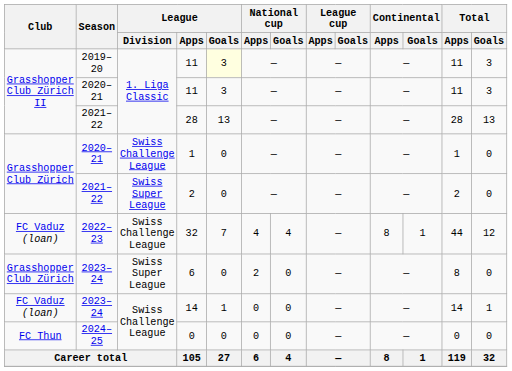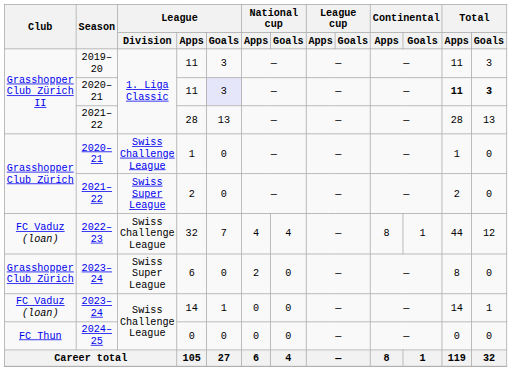 <table class="wikitable" style="text-align:center">
 <tr>
 <th rowspan="2">Club</th>
 <th rowspan="2">Season</th>
 <th colspan="3">League</th>
 <th colspan="2">National cup</th>
 <th colspan="2">League cup</th>
 <th colspan="2">Continental</th>
 <th colspan="2">Total</th>
 </tr>
 <tr>
 <th>Division</th>
 <th>Apps</th>
 <th>Goals</th>
 <th>Apps</th>
 <th>Goals</th>
 <th>Apps</th>
 <th>Goals</th>
 <th>Apps</th>
 <th>Goals</th>
 <th>Apps</th>
 <th>Goals</th>
 </tr>
 <tr>
 <td rowspan=3><a href='#'>Grasshopper Club Zürich II</a></td>
 <td>2019–20</td>
 <td rowspan=3><a href='#'>1. Liga Classic</a></td>
 <td>11</td>
-<td style="background: lightyellow;">3</td>
+<td>3</td>
 <td colspan="2">—</td>
 <td colspan="2">—</td>
 <td colspan="2">—</td>
 <td>11</td>
 <td>3</td>
 </tr>
 <tr>
 <td>2020–21</td>
 <td>11</td>
-<td>3</td>
+<td style="background: lavender;">3</td>
 <td colspan="2">—</td>
 <td colspan="2">—</td>
 <td colspan="2">—</td>
-<td>11</td>
-<td>3</td>
+<td><strong>11</strong></td>
+<td><strong>3</strong></td>
 </tr>
 <tr>
 <td>2021–22</td>
 <td>28</td>
 <td>13</td>
 <td colspan="2">—</td>
 <td colspan="2">—</td>
 <td colspan="2">—</td>
 <td>28</td>
 <td>13</td>
 </tr>
 <tr>
 <td rowspan=2><a href='#'>Grasshopper Club Zürich</a></td>
 <td><a href='#'>2020–21</a></td>
 <td><a href='#'>Swiss Challenge League</a></td>
 <td>1</td>
 <td>0</td>
 <td colspan="2">—</td>
 <td colspan="2">—</td>
 <td colspan="2">—</td>
 <td>1</td>
 <td>0</td>
 </tr>
 <tr>
 <td><a href='#'>2021–22</a></td>
 <td><a href='#'>Swiss Super League</a></td>
 <td>2</td>
 <td>0</td>
 <td colspan="2">—</td>
 <td colspan="2">—</td>
 <td colspan="2">—</td>
 <td>2</td>
 <td>0</td>
 </tr>
 <tr>
 <td><a href='#'>FC Vaduz</a> <em>(loan)</em></td>
 <td><a href='#'>2022–23</a></td>
 <td>Swiss Challenge League</td>
 <td>32</td>
 <td>7</td>
 <td>4</td>
 <td>4</td>
 <td colspan="2">—</td>
 <td>8</td>
 <td>1</td>
 <td>44</td>
 <td>12</td>
 </tr>
 <tr>
 <td rowspan=1><a href='#'>Grasshopper Club Zürich</a></td>
 <td><a href='#'>2023–24</a></td>
 <td>Swiss Super League</td>
 <td>6</td>
 <td>0</td>
 <td>2</td>
 <td>0</td>
 <td colspan="2">—</td>
 <td colspan="2">—</td>
 <td>8</td>
 <td>0</td>
 </tr>
 <tr>
 <td><a href='#'>FC Vaduz</a> <em>(loan)</em></td>
 <td><a href='#'>2023–24</a></td>
 <td rowspan=2>Swiss Challenge League</td>
 <td>14</td>
 <td>1</td>
 <td>0</td>
 <td>0</td>
 <td colspan="2">—</td>
 <td colspan="2">—</td>
 <td>14</td>
 <td>1</td>
 </tr>
 <tr>
 <td><a href='#'>FC Thun</a></td>
 <td><a href='#'>2024–25</a></td>
 <td>0</td>
 <td>0</td>
 <td>0</td>
 <td>0</td>
 <td colspan="2">—</td>
 <td colspan="2">—</td>
 <td>0</td>
 <td>0</td>
 </tr>
 <tr>
 <th colspan="3">Career total</th>
 <th>105</th>
 <th>27</th>
 <th>6</th>
 <th>4</th>
 <th colspan="2">—</th>
 <th>8</th>
 <th>1</th>
 <th>119</th>
 <th>32</th>
 </tr>
 <tr>
 </tr>
 </table>
